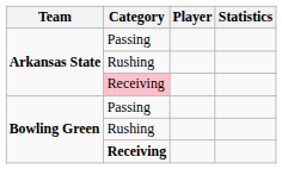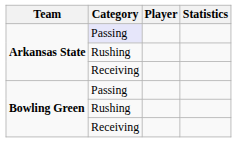 <table class="wikitable" style="float: right;">
 <tr>
 <th>Team</th>
 <th>Category</th>
 <th>Player</th>
 <th>Statistics</th>
 </tr>
 <tr>
 <td rowspan=3><strong>Arkansas State</strong></td>
-<td>Passing</td>
+<td style="background: lavender;">Passing</td>
 <td></td>
 <td></td>
 </tr>
 <tr>
 <td>Rushing</td>
 <td></td>
 <td></td>
 </tr>
 <tr>
-<td style="background: pink;">Receiving</td>
+<td>Receiving</td>
 <td></td>
 <td></td>
 </tr>
 <tr>
 <td rowspan=3><strong>Bowling Green</strong></td>
 <td>Passing</td>
 <td></td>
 <td></td>
 </tr>
 <tr>
 <td>Rushing</td>
 <td></td>
 <td></td>
 </tr>
 <tr>
-<td><strong>Receiving</strong></td>
+<td>Receiving</td>
 <td></td>
 <td></td>
 </tr>
 </table>
